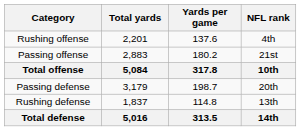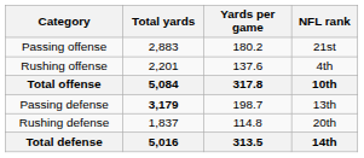 <table class="wikitable" style="text-align:center">
 <tr>
 <th width=150px>Category</th>
 <th width=100px>Total yards</th>
 <th width=110px>Yards per game</th>
 <th width=80px>NFL rank<br></th>
 </tr>
 <tr>
+<td>Passing offense</td>
+<td>2,883</td>
+<td>180.2</td>
+<td>21st</td>
+</tr>
+<tr>
 <td>Rushing offense</td>
 <td>2,201</td>
 <td>137.6</td>
 <td>4th</td>
-</tr>
-<tr>
-<td>Passing offense</td>
-<td>2,883</td>
-<td>180.2</td>
-<td>21st</td>
 </tr>
 <tr>
 <th>Total offense</th>
 <th>5,084</th>
 <th>317.8</th>
 <th>10th</th>
 </tr>
 <tr>
 <td>Passing defense</td>
-<td>3,179</td>
+<td><strong>3,179</strong></td>
 <td>198.7</td>
-<td>20th</td>
+<td>13th</td>
 </tr>
 <tr>
 <td>Rushing defense</td>
 <td>1,837</td>
 <td>114.8</td>
-<td>13th</td>
+<td>20th</td>
 </tr>
 <tr>
 <th>Total defense</th>
 <th>5,016</th>
 <th>313.5</th>
 <th>14th</th>
 </tr>
 </table>
